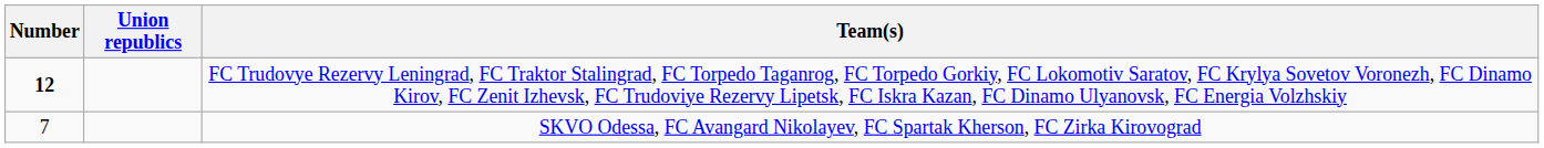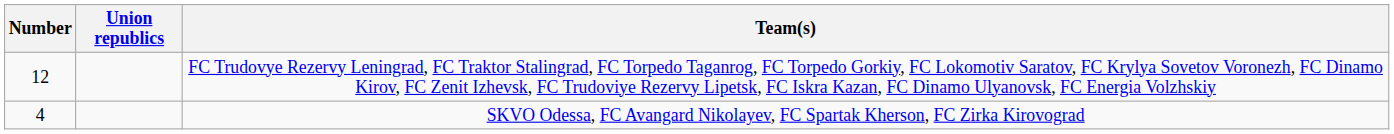 <table class="wikitable" style="text-align:center">
 <tr>
 <th>Number</th>
 <th><a href='#'>Union republics</a></th>
 <th>Team(s)</th>
 </tr>
 <tr>
-<td rowspan="1"><strong>12</strong></td>
+<td rowspan="1">12</td>
 <td align="left"></td>
 <td><a href='#'>FC Trudovye Rezervy Leningrad</a>, <a href='#'>FC Traktor Stalingrad</a>, <a href='#'>FC Torpedo Taganrog</a>, <a href='#'>FC Torpedo Gorkiy</a>, <a href='#'>FC Lokomotiv Saratov</a>, <a href='#'>FC Krylya Sovetov Voronezh</a>, <a href='#'>FC Dinamo Kirov</a>, <a href='#'>FC Zenit Izhevsk</a>, <a href='#'>FC Trudoviye Rezervy Lipetsk</a>, <a href='#'>FC Iskra Kazan</a>, <a href='#'>FC Dinamo Ulyanovsk</a>, <a href='#'>FC Energia Volzhskiy</a></td>
 </tr>
 <tr>
-<td rowspan="1">7</td>
+<td rowspan="1">4</td>
 <td align="left"></td>
 <td><a href='#'>SKVO Odessa</a>, <a href='#'>FC Avangard Nikolayev</a>, <a href='#'>FC Spartak Kherson</a>, <a href='#'>FC Zirka Kirovograd</a></td>
 </tr>
 </table>
